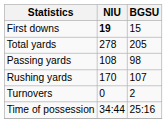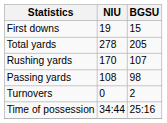 <table class="wikitable" style="float: left;">
 <tr>
 <th>Statistics</th>
 <th>NIU</th>
 <th>BGSU</th>
 </tr>
 <tr>
 <td>First downs</td>
-<td><strong>19</strong></td>
+<td>19</td>
 <td>15</td>
 </tr>
 <tr>
 <td>Total yards</td>
 <td>278</td>
 <td>205</td>
 </tr>
 <tr>
+<td>Rushing yards</td>
+<td>170</td>
+<td>107</td>
+</tr>
+<tr>
 <td>Passing yards</td>
 <td>108</td>
 <td>98</td>
-</tr>
-<tr>
-<td>Rushing yards</td>
-<td>170</td>
-<td>107</td>
 </tr>
 <tr>
 <td>Turnovers</td>
 <td>0</td>
 <td>2</td>
 </tr>
 <tr>
 <td>Time of possession</td>
 <td>34:44</td>
 <td>25:16</td>
 </tr>
 <tr>
 </tr>
 </table>
